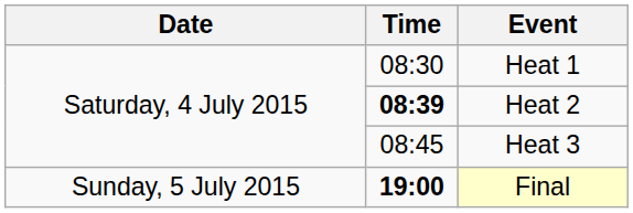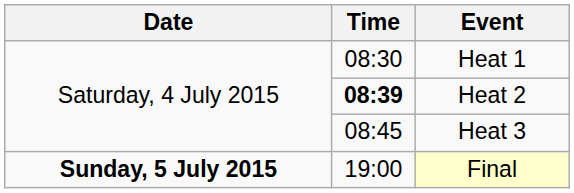 <table class = "wikitable" style="text-align:center;">
 <tr>
 <th width=220>Date</th>
 <th width=50>Time</th>
 <th width=100>Event</th>
 </tr>
 <tr>
 <td rowspan=3>Saturday, 4 July 2015</td>
 <td>08:30</td>
 <td>Heat 1</td>
 </tr>
 <tr>
 <td><strong>08:39</strong></td>
 <td>Heat 2</td>
 </tr>
 <tr>
 <td>08:45</td>
 <td>Heat 3</td>
 </tr>
 <tr>
-<td>Sunday, 5 July 2015</td>
-<td><strong>19:00</strong></td>
+<td><strong>Sunday, 5 July 2015</strong></td>
+<td>19:00</td>
 <td bgcolor=ffffcc>Final</td>
 </tr>
 </table>
